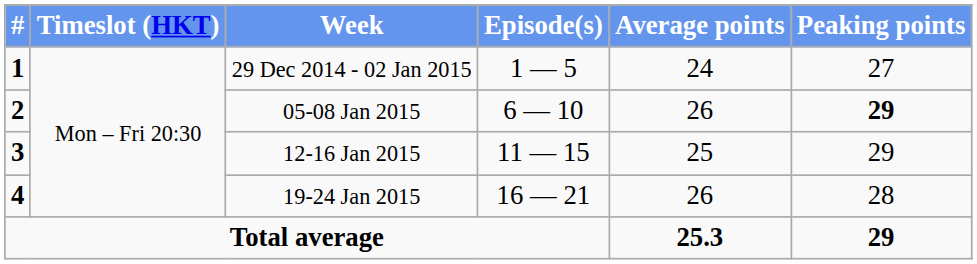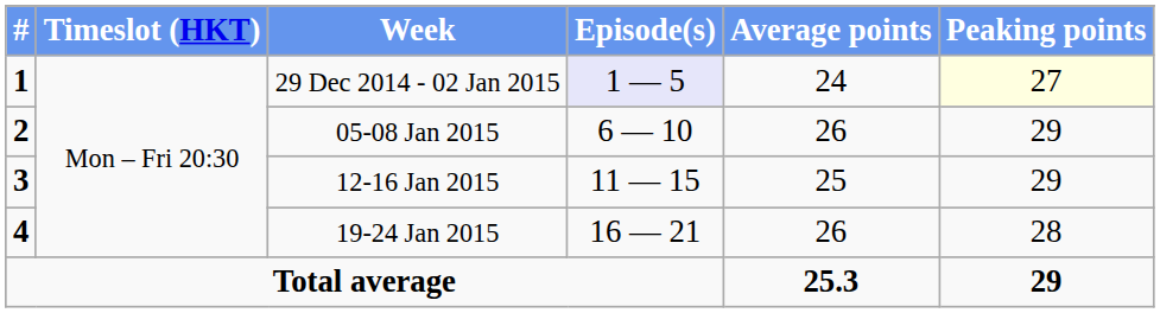 <table class="wikitable" style="text-align:center;">
 <tr style="background:cornflowerblue; color:white" align="center">
 </tr>
 <tr>
 <th style="background:cornflowerblue; color:white" align="center">#</th>
 <th style="background:cornflowerblue; color:white" align="center">Timeslot (<a href='#'>HKT</a>)</th>
 <th style="background:cornflowerblue; color:white" align="center">Week</th>
 <th style="background:cornflowerblue; color:white" align="center">Episode(s)</th>
 <th style="background:cornflowerblue; color:white" align="center">Average points</th>
 <th style="background:cornflowerblue; color:white" align="center">Peaking points</th>
 </tr>
 <tr>
 <td><strong>1</strong></td>
 <td rowspan="4"><small>Mon – Fri 20:30</small></td>
 <td><small>29 Dec 2014 - 02 Jan 2015</small></td>
-<td>1 — 5</td>
+<td style="background: lavender;">1 — 5</td>
 <td>24</td>
-<td>27</td>
+<td style="background: lightyellow;">27</td>
 </tr>
 <tr>
 <td><strong>2</strong></td>
 <td><small>05-08 Jan 2015</small></td>
 <td>6 — 10</td>
 <td>26</td>
-<td><strong>29</strong></td>
+<td>29</td>
 </tr>
 <tr>
 <td><strong>3</strong></td>
 <td><small>12-16 Jan 2015</small></td>
 <td>11 — 15</td>
 <td>25</td>
 <td>29</td>
 </tr>
 <tr>
 <td><strong>4</strong></td>
 <td><small>19-24 Jan 2015</small></td>
 <td>16 — 21</td>
 <td>26</td>
 <td>28</td>
 </tr>
 <tr>
 <td colspan="4"><strong>Total average</strong></td>
 <td><strong>25.3</strong></td>
 <td><strong>29</strong></td>
 </tr>
 </table>
